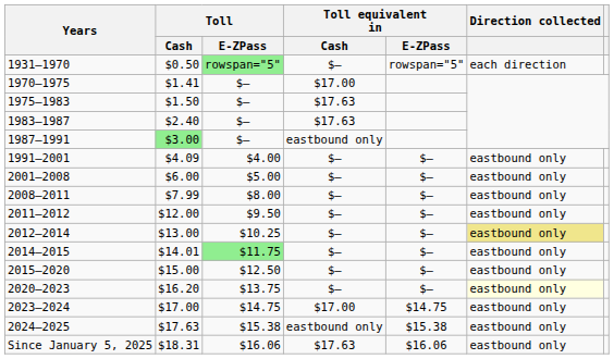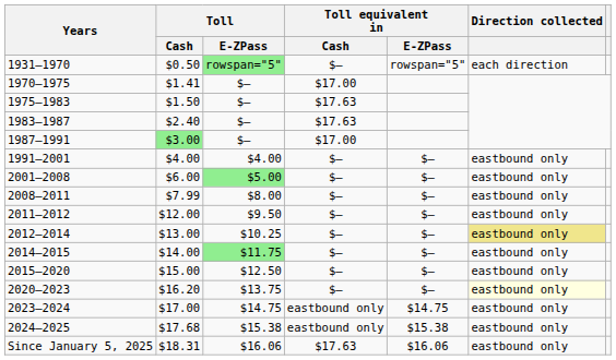 <table class="wikitable sortable">
 <tr>
 <th rowspan="2" scope="col">Years</th>
 <th colspan="2" scope="col">Toll</th>
 <th colspan="2" scope="col">Toll equivalent<br>in </th>
 <th scope="col">Direction collected</th>
 <th class=unsortable></th>
 </tr>
 <tr>
 <th>Cash</th>
 <th>E-ZPass</th>
 <th>Cash</th>
 <th>E-ZPass</th>
 <th></th>
 <th></th>
 </tr>
 <tr>
 <td>1931–1970</td>
 <td align="right">$0.50</td>
 <td style="background: lightgreen;">rowspan="5" </td>
 <td align="center">$–</td>
 <td>rowspan="5" </td>
 <td>each direction</td>
 <td></td>
 </tr>
 <tr>
 <td>1970–1975</td>
 <td align=right>$1.41</td>
 <td align=center>$–</td>
 <td align="center">$17.00</td>
 <td></td>
 </tr>
 <tr>
 <td>1975–1983</td>
 <td align=right>$1.50</td>
 <td align=center>$–</td>
 <td align="center">$17.63</td>
 <td></td>
 </tr>
 <tr>
 <td>1983–1987</td>
 <td align=right>$2.40</td>
 <td align=center>$–</td>
 <td align="center">$17.63</td>
 <td></td>
 </tr>
 <tr>
 <td>1987–1991</td>
 <td align=right style="background: lightgreen;">$3.00</td>
 <td align=center>$–</td>
-<td>eastbound only</td>
+<td align="center">$17.00</td>
 <td></td>
 </tr>
 <tr>
 <td>1991–2001</td>
-<td align=right>$4.09</td>
+<td align=right>$4.00</td>
 <td align=right>$4.00</td>
 <td align="center">$–</td>
 <td align="center">$–</td>
 <td>eastbound only</td>
 <td></td>
 </tr>
 <tr>
 <td>2001–2008</td>
 <td align=right>$6.00</td>
-<td align=right>$5.00</td>
+<td align=right style="background: lightgreen;">$5.00</td>
 <td align="center">$–</td>
 <td align="center">$–</td>
 <td>eastbound only</td>
 <td></td>
 </tr>
 <tr>
 <td>2008–2011</td>
 <td align=right>$7.99</td>
 <td align=right>$8.00</td>
 <td align="center">$–</td>
 <td align="center">$–</td>
 <td>eastbound only</td>
 <td></td>
 </tr>
 <tr>
 <td>2011–2012</td>
 <td align=right>$12.00</td>
 <td align=right>$9.50</td>
 <td align="center">$–</td>
 <td align="center">$–</td>
 <td>eastbound only</td>
 <td></td>
 </tr>
 <tr>
 <td>2012–2014</td>
 <td align=right>$13.00</td>
 <td align=right>$10.25</td>
 <td align="center">$–</td>
 <td align="center">$–</td>
 <td style="background: khaki;">eastbound only</td>
 <td></td>
 </tr>
 <tr>
 <td>2014–2015</td>
-<td align=right>$14.01</td>
+<td align=right>$14.00</td>
 <td align=right style="background: lightgreen;">$11.75</td>
 <td align="center">$–</td>
 <td align="center">$–</td>
 <td>eastbound only</td>
 <td></td>
 </tr>
 <tr>
 <td>2015–2020</td>
 <td align=right>$15.00</td>
 <td align=right>$12.50</td>
 <td align="center">$–</td>
 <td align="center">$–</td>
 <td>eastbound only</td>
 <td></td>
 </tr>
 <tr>
 <td>2020–2023</td>
 <td align=right>$16.20</td>
 <td align=right>$13.75</td>
 <td align="center">$–</td>
 <td align="center">$–</td>
 <td style="background: lightyellow;">eastbound only</td>
 <td></td>
 </tr>
 <tr>
 <td>2023–2024</td>
 <td align=right>$17.00</td>
 <td align=right>$14.75</td>
-<td align="center">$17.00</td>
+<td>eastbound only</td>
 <td align="center">$14.75</td>
 <td>eastbound only</td>
 <td></td>
 </tr>
 <tr>
 <td>2024–2025</td>
-<td align=right>$17.63</td>
+<td align=right>$17.68</td>
 <td align=right>$15.38</td>
 <td>eastbound only</td>
 <td align="center">$15.38</td>
 <td>eastbound only</td>
 <td></td>
 </tr>
 <tr>
 <td>Since January 5, 2025</td>
 <td align=right>$18.31</td>
 <td align=right>$16.06</td>
 <td align="center">$17.63</td>
 <td align="center">$16.06</td>
 <td>eastbound only</td>
 <td></td>
 </tr>
 </table>
